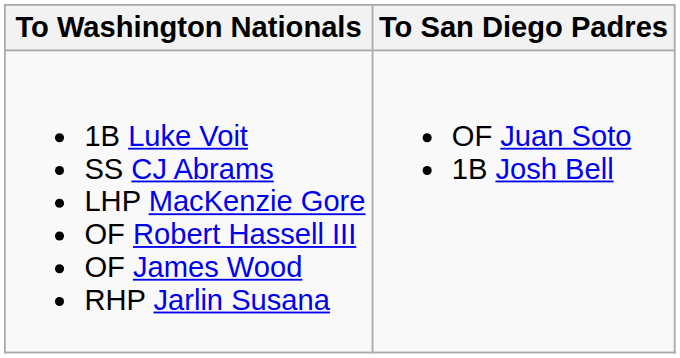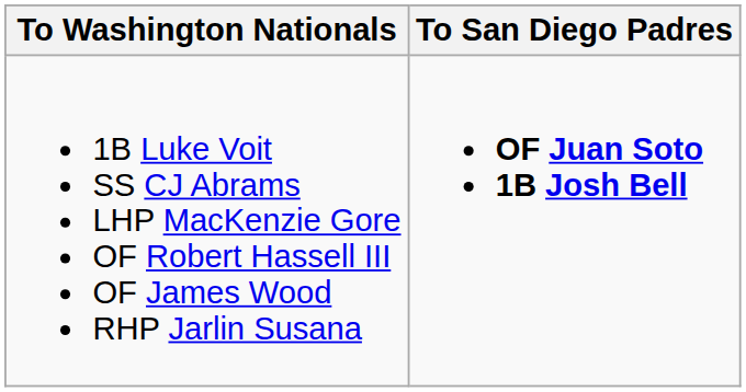 <table class="wikitable">
 <tr>
 <th>To Washington Nationals</th>
 <th>To San Diego Padres</th>
 </tr>
 <tr>
 <td valign="top"><br><ul><li>1B <a href='#'>Luke Voit</a></li><li>SS <a href='#'>CJ Abrams</a></li><li>LHP <a href='#'>MacKenzie Gore</a></li><li>OF <a href='#'>Robert Hassell III</a></li><li>OF <a href='#'>James Wood</a></li><li>RHP <a href='#'>Jarlin Susana</a></li></ul></td>
-<td valign="top"><br><ul><li>OF <a href='#'>Juan Soto</a></li><li>1B <a href='#'>Josh Bell</a></li></ul></td>
+<td valign="top"><strong><br><ul><li>OF <a href='#'>Juan Soto</a></li><li>1B <a href='#'>Josh Bell</a></li></ul></strong></td>
 </tr>
 </table>
